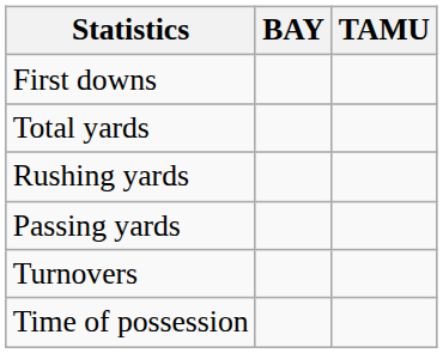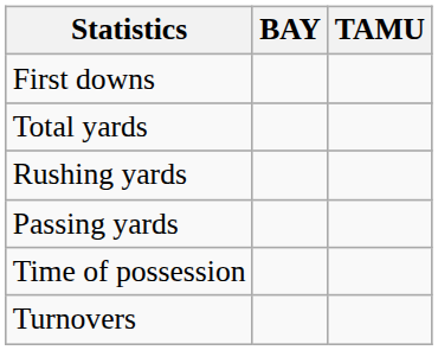 <table class="wikitable" style="float: left;">
 <tr>
 <th>Statistics</th>
 <th>BAY</th>
 <th>TAMU</th>
 </tr>
 <tr>
 <td>First downs</td>
 <td></td>
 <td></td>
 </tr>
 <tr>
 <td>Total yards</td>
 <td></td>
 <td></td>
 </tr>
 <tr>
 <td>Rushing yards</td>
 <td></td>
 <td></td>
 </tr>
 <tr>
 <td>Passing yards</td>
 <td></td>
 <td></td>
 </tr>
 <tr>
+<td>Time of possession</td>
+<td></td>
+<td></td>
+</tr>
+<tr>
 <td>Turnovers</td>
 <td></td>
 <td></td>
 </tr>
-<tr>
-<td>Time of possession</td>
-<td></td>
-<td></td>
-</tr>
 </table>
